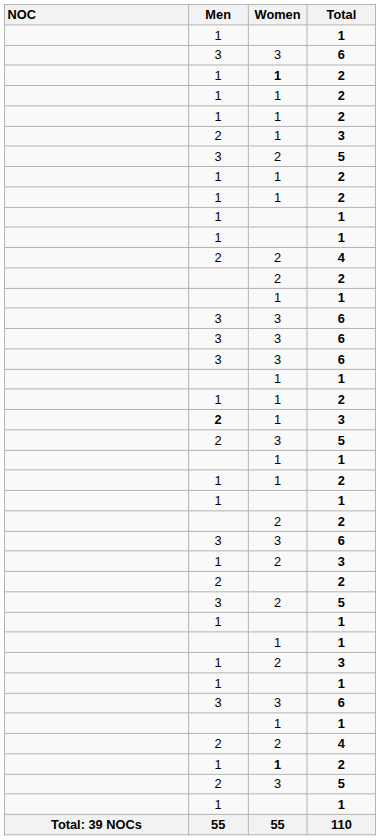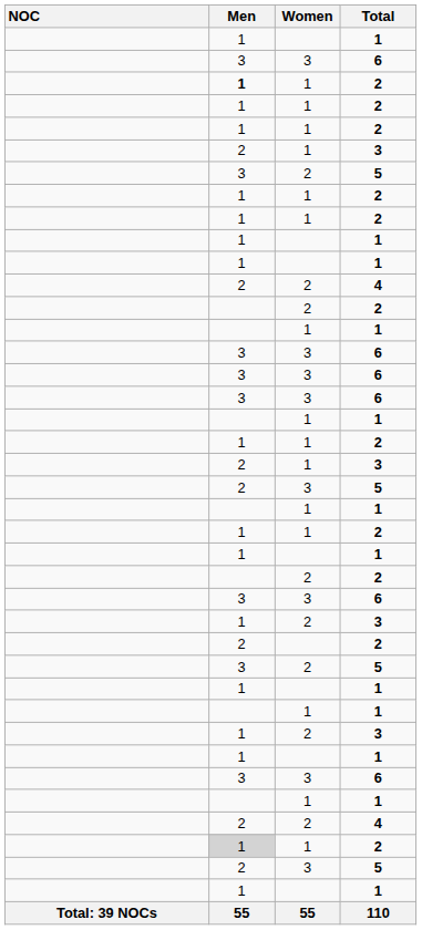 <table class="wikitable" style="text-align:center; font-size:90%">
 <tr>
 <th style="width:200px; text-align:left;">NOC</th>
 <th width=60>Men</th>
 <th width=60>Women</th>
 <th width=70>Total</th>
 </tr>
 <tr>
 <td align=left></td>
 <td>1</td>
 <td></td>
 <td><strong>1</strong></td>
 </tr>
 <tr>
 <td align=left></td>
 <td>3</td>
 <td>3</td>
 <td><strong>6</strong></td>
 </tr>
 <tr>
 <td align=left></td>
+<td><strong>1</strong></td>
 <td>1</td>
-<td><strong>1</strong></td>
 <td><strong>2</strong></td>
 </tr>
 <tr>
 <td align=left></td>
 <td>1</td>
 <td>1</td>
 <td><strong>2</strong></td>
 </tr>
 <tr>
 <td align=left></td>
 <td>1</td>
 <td>1</td>
 <td><strong>2</strong></td>
 </tr>
 <tr>
 <td align=left></td>
 <td>2</td>
 <td>1</td>
 <td><strong>3</strong></td>
 </tr>
 <tr>
 <td align=left></td>
 <td>3</td>
 <td>2</td>
 <td><strong>5</strong></td>
 </tr>
 <tr>
 <td align=left></td>
 <td>1</td>
 <td>1</td>
 <td><strong>2</strong></td>
 </tr>
 <tr>
 <td align=left></td>
 <td>1</td>
 <td>1</td>
 <td><strong>2</strong></td>
 </tr>
 <tr>
 <td align=left></td>
 <td>1</td>
 <td></td>
 <td><strong>1</strong></td>
 </tr>
 <tr>
 <td align=left></td>
 <td>1</td>
 <td></td>
 <td><strong>1</strong></td>
 </tr>
 <tr>
 <td align=left></td>
 <td>2</td>
 <td>2</td>
 <td><strong>4</strong></td>
 </tr>
 <tr>
 <td align=left></td>
 <td></td>
 <td>2</td>
 <td><strong>2</strong></td>
 </tr>
 <tr>
 <td align=left></td>
 <td></td>
 <td>1</td>
 <td><strong>1</strong></td>
 </tr>
 <tr>
 <td align=left></td>
 <td>3</td>
 <td>3</td>
 <td><strong>6</strong></td>
 </tr>
 <tr>
 <td align=left></td>
 <td>3</td>
 <td>3</td>
 <td><strong>6</strong></td>
 </tr>
 <tr>
 <td align=left></td>
 <td>3</td>
 <td>3</td>
 <td><strong>6</strong></td>
 </tr>
 <tr>
 <td align=left></td>
 <td></td>
 <td>1</td>
 <td><strong>1</strong></td>
 </tr>
 <tr>
 <td align=left></td>
 <td>1</td>
 <td>1</td>
 <td><strong>2</strong></td>
 </tr>
 <tr>
 <td align=left></td>
-<td><strong>2</strong></td>
+<td>2</td>
 <td>1</td>
 <td><strong>3</strong></td>
 </tr>
 <tr>
 <td align=left></td>
 <td>2</td>
 <td>3</td>
 <td><strong>5</strong></td>
 </tr>
 <tr>
 <td align=left></td>
 <td></td>
 <td>1</td>
 <td><strong>1</strong></td>
 </tr>
 <tr>
 <td align=left></td>
 <td>1</td>
 <td>1</td>
 <td><strong>2</strong></td>
 </tr>
 <tr>
 <td align=left></td>
 <td>1</td>
 <td></td>
 <td><strong>1</strong></td>
 </tr>
 <tr>
 <td align=left></td>
 <td></td>
 <td>2</td>
 <td><strong>2</strong></td>
 </tr>
 <tr>
 <td align=left></td>
 <td>3</td>
 <td>3</td>
 <td><strong>6</strong></td>
 </tr>
 <tr>
 <td align=left></td>
 <td>1</td>
 <td>2</td>
 <td><strong>3</strong></td>
 </tr>
 <tr>
 <td align=left></td>
 <td>2</td>
 <td></td>
 <td><strong>2</strong></td>
 </tr>
 <tr>
 <td align=left></td>
 <td>3</td>
 <td>2</td>
 <td><strong>5</strong></td>
 </tr>
 <tr>
 <td align=left></td>
 <td>1</td>
 <td></td>
 <td><strong>1</strong></td>
 </tr>
 <tr>
 <td align=left></td>
 <td></td>
 <td>1</td>
 <td><strong>1</strong></td>
 </tr>
 <tr>
 <td align=left></td>
 <td>1</td>
 <td>2</td>
 <td><strong>3</strong></td>
 </tr>
 <tr>
 <td align=left></td>
 <td>1</td>
 <td></td>
 <td><strong>1</strong></td>
 </tr>
 <tr>
 <td align=left></td>
 <td>3</td>
 <td>3</td>
 <td><strong>6</strong></td>
 </tr>
 <tr>
 <td align=left></td>
 <td></td>
 <td>1</td>
 <td><strong>1</strong></td>
 </tr>
 <tr>
 <td align=left></td>
 <td>2</td>
 <td>2</td>
 <td><strong>4</strong></td>
 </tr>
 <tr>
 <td align=left></td>
+<td style="background: lightgrey;">1</td>
 <td>1</td>
-<td><strong>1</strong></td>
 <td><strong>2</strong></td>
 </tr>
 <tr>
 <td align=left></td>
 <td>2</td>
 <td>3</td>
 <td><strong>5</strong></td>
 </tr>
 <tr>
 <td align=left></td>
 <td>1</td>
 <td></td>
 <td><strong>1</strong></td>
 </tr>
 <tr>
 <th>Total: 39 NOCs</th>
 <th>55</th>
 <th>55</th>
 <th>110</th>
 </tr>
 </table>
